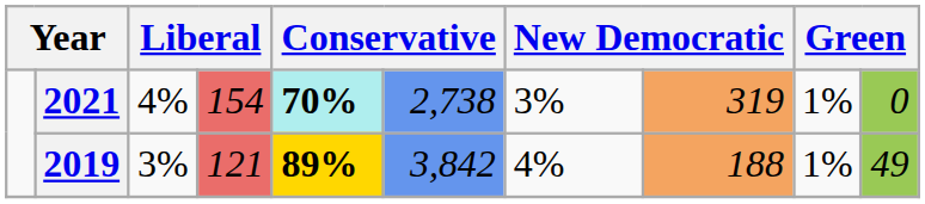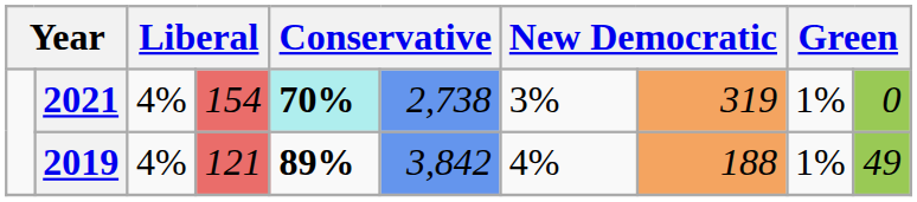 <table class="wikitable" style="float:right; width:400; font-size:90%; margin-left:1em;">
 <tr>
 <th colspan="2" scope="col">Year</th>
 <th colspan="2" scope="col"><a href='#'>Liberal</a></th>
 <th colspan="2" scope="col"><a href='#'>Conservative</a></th>
 <th colspan="2" scope="col"><a href='#'>New Democratic</a></th>
 <th colspan="2" scope="col"><a href='#'>Green</a></th>
 </tr>
 <tr>
 <td rowspan="2" style="width: 0.25em; background-color: "></td>
 <th><a href='#'>2021</a></th>
 <td>4%</td>
 <td style="text-align:right; background:#EA6D6A;"><em>154</em></td>
 <td style="background: paleturquoise;"><strong>70%</strong></td>
 <td style="text-align:right; background:#6495ED;"><em>2,738</em></td>
 <td>3%</td>
 <td style="text-align:right; background:#F4A460;"><em>319</em></td>
 <td>1%</td>
 <td style="text-align:right; background:#99C955;"><em>0</em></td>
 </tr>
 <tr>
 <th><a href='#'>2019</a></th>
-<td>3%</td>
+<td>4%</td>
 <td style="text-align:right; background:#EA6D6A;"><em>121</em></td>
-<td style="background: gold;"><strong>89%</strong></td>
+<td><strong>89%</strong></td>
 <td style="text-align:right; background:#6495ED;"><em>3,842</em></td>
 <td>4%</td>
 <td style="text-align:right; background:#F4A460;"><em>188</em></td>
 <td>1%</td>
 <td style="text-align:right; background:#99C955;"><em>49</em></td>
 </tr>
 <tr>
 </tr>
 </table>
